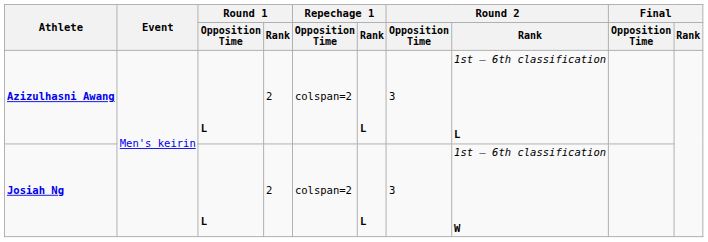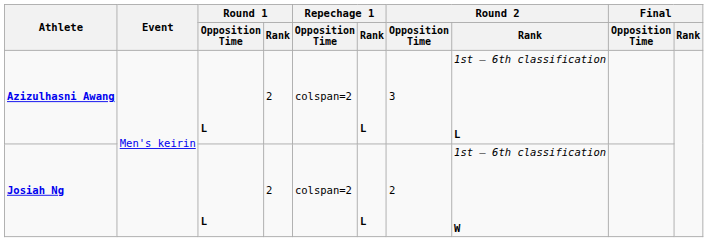 <table class=wikitable style="text-align:left; font-size:90%">
 <tr>
 <th rowspan=2>Athlete</th>
 <th rowspan=2>Event</th>
 <th colspan=2>Round 1</th>
 <th colspan=2>Repechage 1</th>
 <th colspan=2>Round 2</th>
 <th colspan=2>Final</th>
 </tr>
 <tr style="font-size:95%">
 <th>Opposition<br>Time</th>
 <th>Rank</th>
 <th>Opposition<br>Time</th>
 <th>Rank</th>
 <th>Opposition<br>Time</th>
 <th>Rank</th>
 <th>Opposition<br>Time</th>
 <th>Rank</th>
 </tr>
 <tr>
 <td align=left><strong><a href='#'>Azizulhasni Awang</a></strong></td>
 <td align=left rowspan=2><a href='#'>Men's keirin</a></td>
 <td><br><br><br><br><br><strong>L</strong></td>
 <td>2 <strong></strong></td>
 <td>colspan=2 </td>
 <td><br><br><br><br><br><strong>L</strong></td>
 <td>3 <strong></strong></td>
 <td><em>1st – 6th classification</em><br><br><br><br><br><br><strong>L</strong></td>
 <td align=center></td>
 </tr>
 <tr>
 <td align=left><strong><a href='#'>Josiah Ng</a></strong></td>
 <td><br><br><br><br><br><strong>L</strong></td>
 <td>2 <strong></strong></td>
 <td>colspan=2 </td>
 <td><br><br><br><br><br><strong>L</strong></td>
-<td>3 <strong></strong></td>
+<td>2 <strong></strong></td>
 <td><em>1st – 6th classification</em><br><br><br><br><br><br><strong>W</strong></td>
 <td align=center></td>
 </tr>
 </table>
